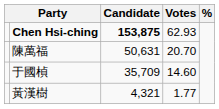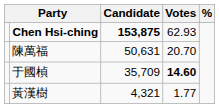 <table class="wikitable">
 <tr>
 <th colspan="2">Party</th>
 <th>Candidate</th>
 <th>Votes</th>
 <th>%</th>
 </tr>
 <tr>
 <td></td>
 <td><strong>Chen Hsi-ching</strong></td>
 <td align="right"><strong>153,875</strong></td>
 <td align="right">62.93</td>
 </tr>
 <tr>
 <td></td>
 <td>陳萬福</td>
 <td align="right">50,631</td>
 <td align="right">20.70</td>
 </tr>
 <tr>
 <td></td>
 <td>于國楨</td>
 <td align="right">35,709</td>
-<td align="right">14.60</td>
+<td align="right"><strong>14.60</strong></td>
 </tr>
 <tr>
 <td></td>
 <td>黃漢樹</td>
 <td align="right">4,321</td>
 <td align="right">1.77</td>
 </tr>
 </table>
